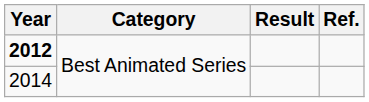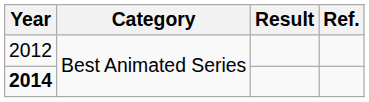 <table class="wikitable">
 <tr>
 <th>Year</th>
 <th>Category</th>
 <th>Result</th>
 <th>Ref.</th>
 </tr>
 <tr>
-<td><strong>2012</strong></td>
+<td>2012</td>
 <td rowspan="2">Best Animated Series</td>
 <td></td>
 <td></td>
 </tr>
 <tr>
-<td>2014</td>
+<td><strong>2014</strong></td>
 <td></td>
 <td></td>
 </tr>
 </table>
